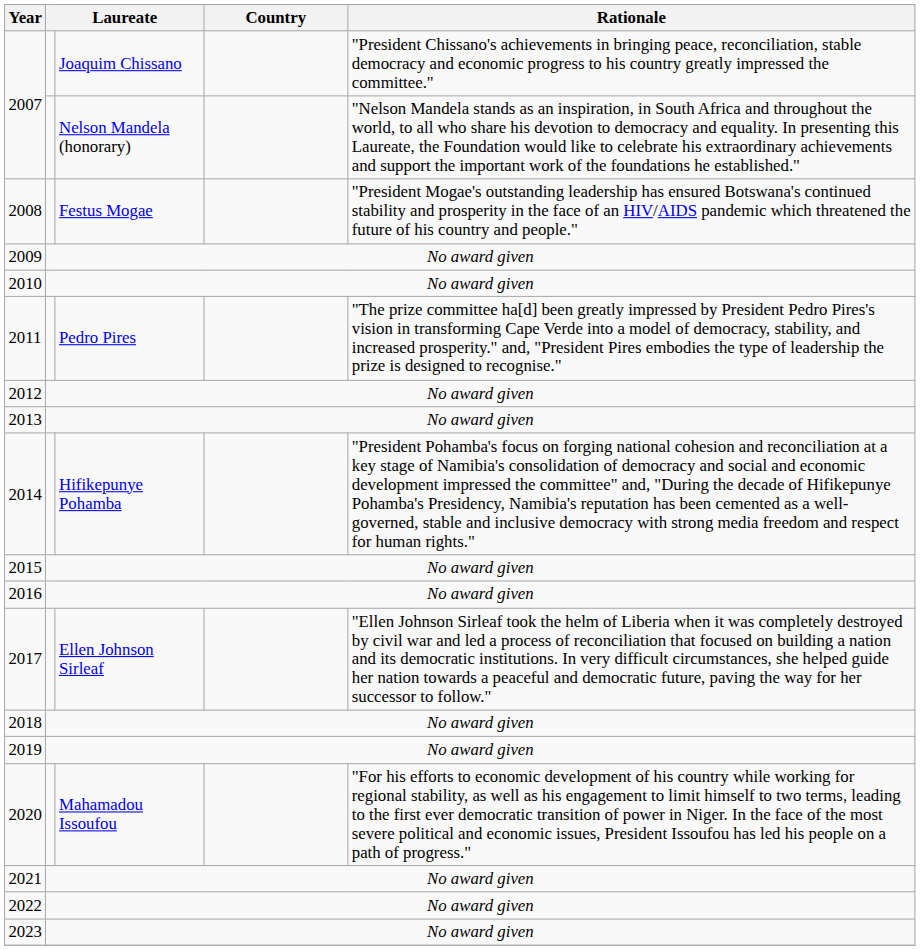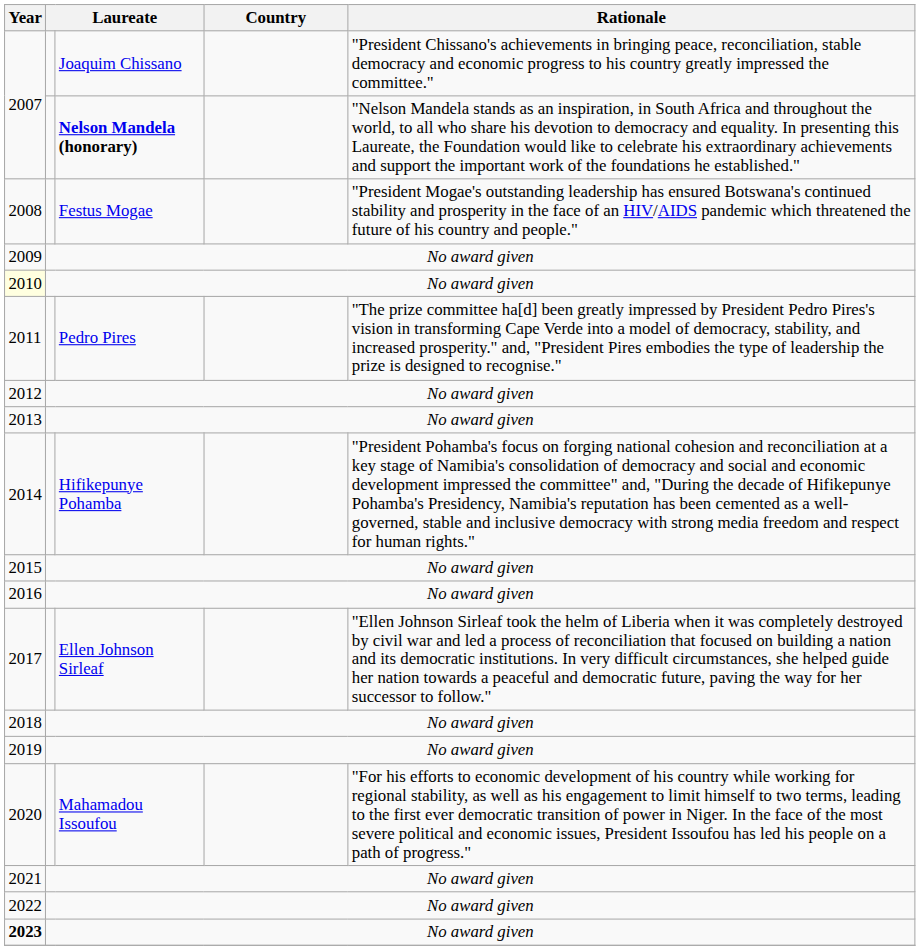 <table class="wikitable">
 <tr>
 <th>Year</th>
 <th colspan="2" width="410px">Laureate</th>
 <th width="130px">Country</th>
 <th>Rationale</th>
 </tr>
 <tr>
 <td rowspan="2">2007</td>
 <td></td>
 <td><a href='#'>Joaquim Chissano</a></td>
 <td></td>
 <td>"President Chissano's achievements in bringing peace, reconciliation, stable democracy and economic progress to his country greatly impressed the committee."</td>
 </tr>
 <tr>
 <td></td>
-<td><a href='#'>Nelson Mandela</a> (honorary)</td>
+<td><strong><a href='#'>Nelson Mandela</a> (honorary)</strong></td>
 <td></td>
 <td>"Nelson Mandela stands as an inspiration, in South Africa and throughout the world, to all who share his devotion to democracy and equality. In presenting this Laureate, the Foundation would like to celebrate his extraordinary achievements and support the important work of the foundations he established."</td>
 </tr>
 <tr>
 <td>2008</td>
 <td></td>
 <td><a href='#'>Festus Mogae</a></td>
 <td></td>
 <td>"President Mogae's outstanding leadership has ensured Botswana's continued stability and prosperity in the face of an <a href='#'>HIV</a>/<a href='#'>AIDS</a> pandemic which threatened the future of his country and people."</td>
 </tr>
 <tr>
 <td>2009</td>
 <td colspan=4 align=center><em>No award given</em></td>
 </tr>
 <tr>
-<td>2010</td>
+<td style="background: lightyellow;">2010</td>
 <td colspan=4 align=center><em>No award given</em></td>
 </tr>
 <tr>
 <td>2011</td>
 <td></td>
 <td><a href='#'>Pedro Pires</a></td>
 <td></td>
 <td>"The prize committee ha[d] been greatly impressed by President Pedro Pires's vision in transforming Cape Verde into a model of democracy, stability, and increased prosperity." and, "President Pires embodies the type of leadership the prize is designed to recognise."</td>
 </tr>
 <tr>
 <td>2012</td>
 <td colspan=4 align=center><em>No award given</em></td>
 </tr>
 <tr>
 <td>2013</td>
 <td colspan=4 align=center><em>No award given</em></td>
 </tr>
 <tr>
 <td>2014</td>
 <td></td>
 <td><a href='#'>Hifikepunye Pohamba</a></td>
 <td></td>
 <td>"President Pohamba's focus on forging national cohesion and reconciliation at a key stage of Namibia's consolidation of democracy and social and economic development impressed the committee" and, "During the decade of Hifikepunye Pohamba's Presidency, Namibia's reputation has been cemented as a well-governed, stable and inclusive democracy with strong media freedom and respect for human rights."</td>
 </tr>
 <tr>
 <td>2015</td>
 <td colspan=4 align=center><em>No award given</em></td>
 </tr>
 <tr>
 <td>2016</td>
 <td colspan=4 align=center><em>No award given</em></td>
 </tr>
 <tr>
 <td>2017</td>
 <td></td>
 <td><a href='#'>Ellen Johnson Sirleaf</a></td>
 <td></td>
 <td>"Ellen Johnson Sirleaf took the helm of Liberia when it was completely destroyed by civil war and led a process of reconciliation that focused on building a nation and its democratic institutions. In very difficult circumstances, she helped guide her nation towards a peaceful and democratic future, paving the way for her successor to follow."</td>
 </tr>
 <tr>
 <td>2018</td>
 <td colspan=4 align=center><em>No award given</em></td>
 </tr>
 <tr>
 <td>2019</td>
 <td colspan=4 align=center><em>No award given</em></td>
 </tr>
 <tr>
 <td>2020</td>
 <td></td>
 <td><a href='#'>Mahamadou Issoufou</a></td>
 <td></td>
 <td>"For his efforts to economic development of his country while working for regional stability, as well as his engagement to limit himself to two terms, leading to the first ever democratic transition of power in Niger. In the face of the most severe political and economic issues, President Issoufou has led his people on a path of progress."</td>
 </tr>
 <tr>
 <td>2021</td>
 <td colspan=4 align=center><em>No award given</em></td>
 </tr>
 <tr>
 <td>2022</td>
 <td colspan=4 align=center><em>No award given</em></td>
 </tr>
 <tr>
-<td>2023</td>
+<td><strong>2023</strong></td>
 <td colspan=4 align=center><em>No award given</em></td>
 </tr>
 <tr>
 </tr>
 </table>
